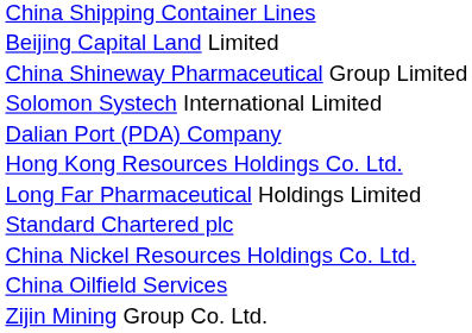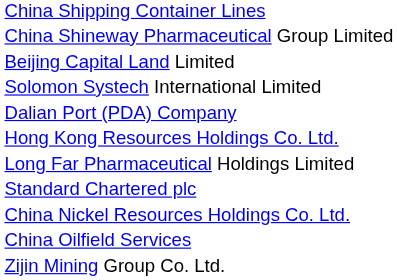 <table>
 <tr>
 <td> <a href='#'>China Shipping Container Lines</a></td>
 </tr>
 <tr>
-<td> <a href='#'>Beijing Capital Land</a> Limited</td>
+<td> <a href='#'>China Shineway Pharmaceutical</a> Group Limited</td>
 </tr>
 <tr>
-<td> <a href='#'>China Shineway Pharmaceutical</a> Group Limited</td>
+<td> <a href='#'>Beijing Capital Land</a> Limited</td>
 </tr>
 <tr>
 <td> <a href='#'>Solomon Systech</a> International Limited</td>
 </tr>
 <tr>
 <td> <a href='#'>Dalian Port (PDA) Company</a></td>
 </tr>
 <tr>
 <td> <a href='#'>Hong Kong Resources Holdings Co. Ltd.</a></td>
 </tr>
 <tr>
 <td> <a href='#'>Long Far Pharmaceutical</a> Holdings Limited</td>
 </tr>
 <tr>
 <td> <a href='#'>Standard Chartered plc</a></td>
 </tr>
 <tr>
 <td> <a href='#'>China Nickel Resources Holdings Co. Ltd.</a></td>
 </tr>
 <tr>
 <td> <a href='#'>China Oilfield Services</a></td>
 </tr>
 <tr>
 <td> <a href='#'>Zijin Mining</a> Group Co. Ltd.</td>
 </tr>
 <tr>
 </tr>
 </table>
